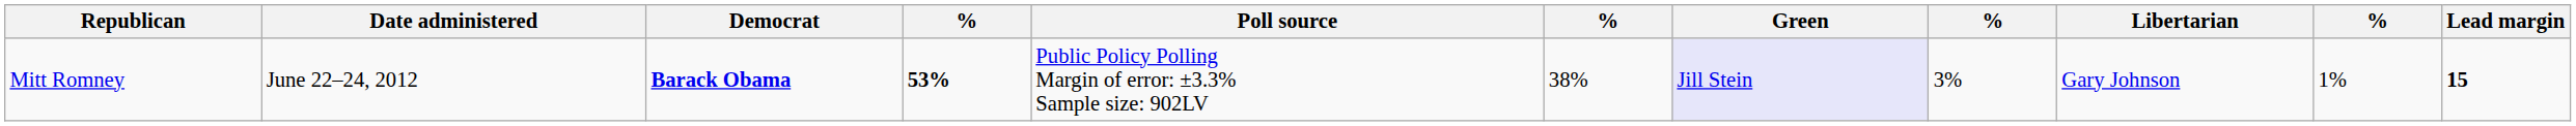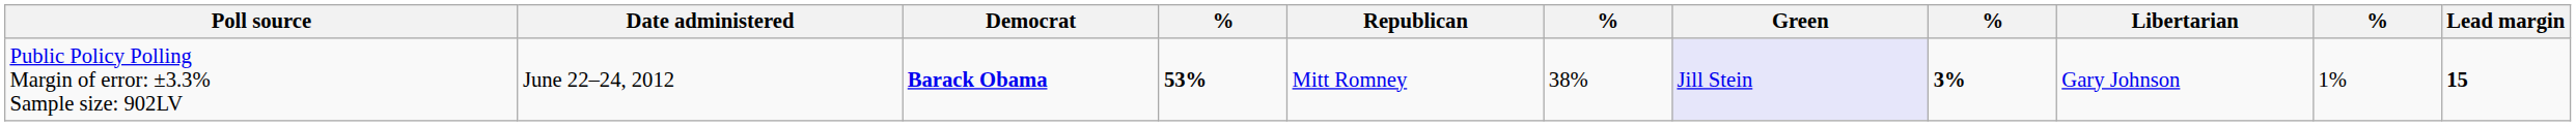 <table class="wikitable">
 <tr valign=bottom>
-<th style="width:10%;">Republican</th>
+<th style="width:20%;">Poll source</th>
 <th style="width:15%;">Date administered</th>
 <th style="width:10%;">Democrat</th>
 <th style="width:5%;">%</th>
-<th style="width:20%;">Poll source</th>
+<th style="width:10%;">Republican</th>
 <th style="width:5%;">%</th>
 <th style="width:10%;">Green</th>
 <th style="width:5%;">%</th>
 <th style="width:10%;">Libertarian</th>
 <th style="width:5%;">%</th>
 <th style="width:5%;">Lead margin</th>
 </tr>
 <tr>
-<td><a href='#'>Mitt Romney</a></td>
+<td><a href='#'>Public Policy Polling</a><br>Margin of error: ±3.3%<br>Sample size: 902LV</td>
 <td>June 22–24, 2012</td>
 <td><strong><a href='#'>Barack Obama</a></strong></td>
 <td><strong>53%</strong></td>
-<td><a href='#'>Public Policy Polling</a><br>Margin of error: ±3.3%<br>Sample size: 902LV</td>
+<td><a href='#'>Mitt Romney</a></td>
 <td>38%</td>
 <td style="background: lavender;"><a href='#'>Jill Stein</a></td>
-<td>3%</td>
+<td><strong>3%</strong></td>
 <td><a href='#'>Gary Johnson</a></td>
 <td>1%</td>
 <td><strong>15</strong></td>
 </tr>
 </table>
